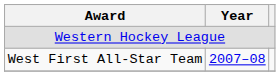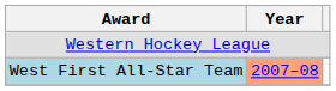 <table class="wikitable">
 <tr>
 <th>Award</th>
 <th>Year</th>
 <th></th>
 </tr>
 <tr ALIGN="center" bgcolor="#e0e0e0">
 <td colspan="3"><a href='#'>Western Hockey League</a></td>
 </tr>
 <tr>
-<td>West First All-Star Team</td>
-<td><a href='#'>2007–08</a></td>
+<td style="background: lightblue;">West First All-Star Team</td>
+<td style="background: lightsalmon;"><a href='#'>2007–08</a></td>
 <td></td>
 </tr>
 <tr>
 </tr>
 </table>
